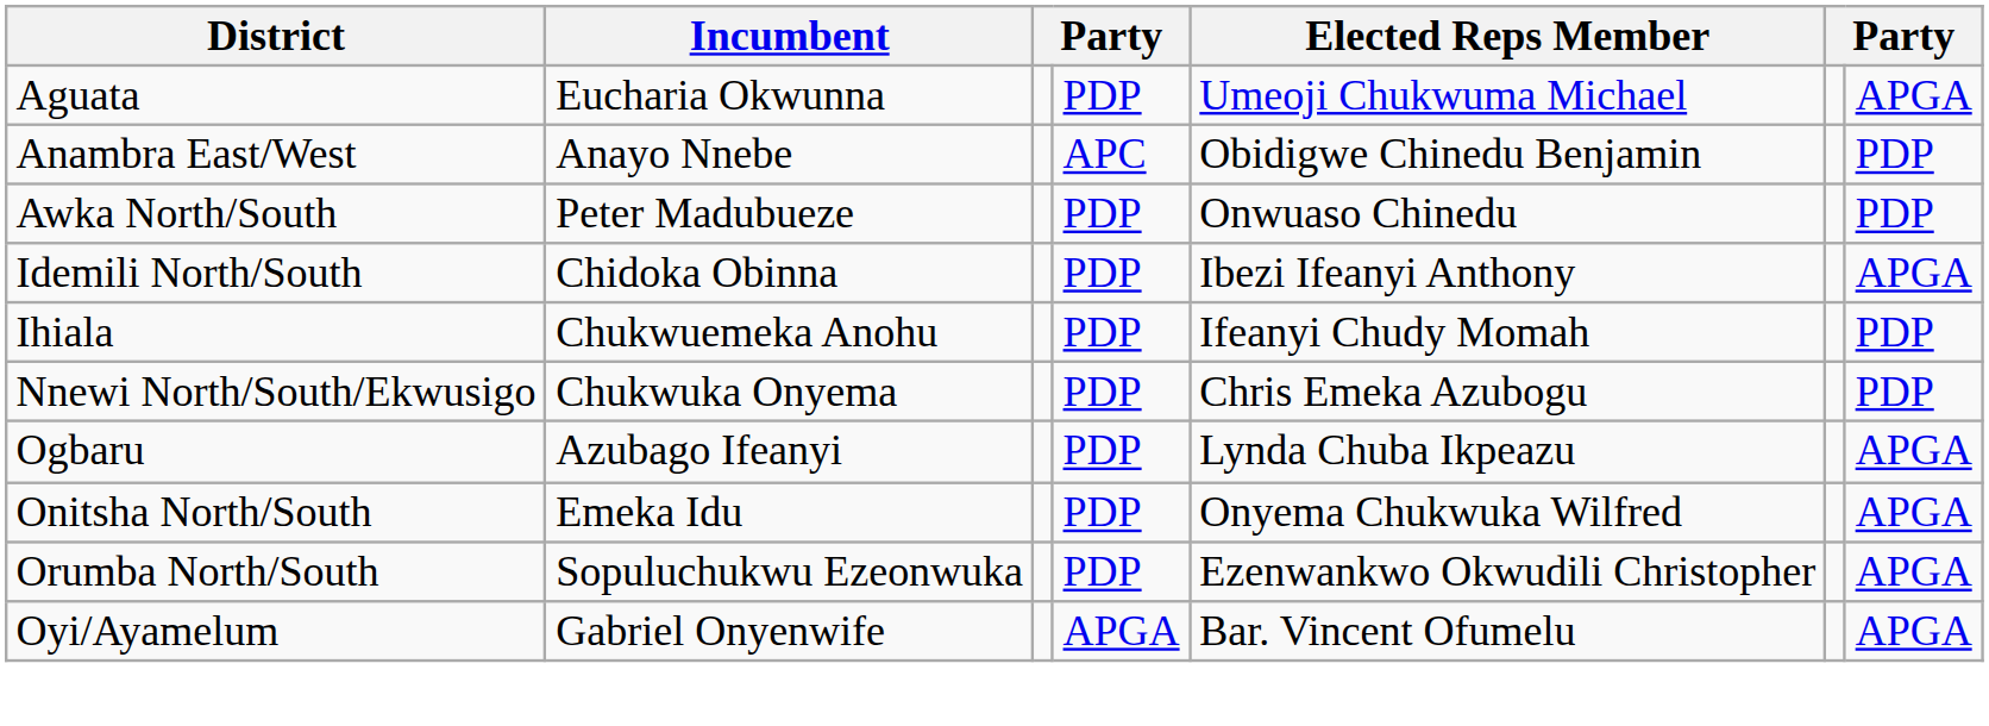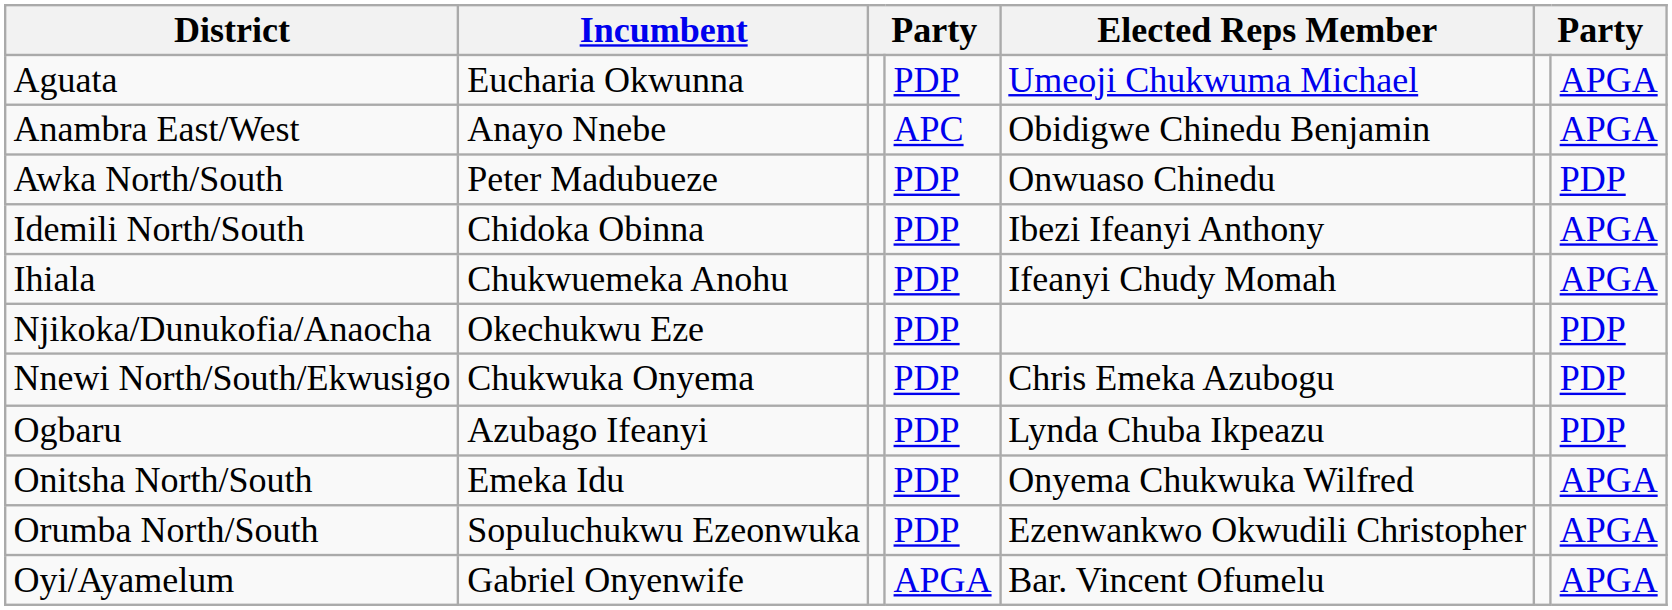 <table class="sortable wikitable" style="font-size:95%;line-height:14px;">
 <tr>
 <th class="unsortable">District</th>
 <th class="unsortable"><a href='#'>Incumbent</a></th>
 <th colspan="2">Party</th>
 <th class="unsortable">Elected Reps Member</th>
 <th colspan="2">Party</th>
 </tr>
 <tr>
 <td>Aguata</td>
 <td>Eucharia Okwunna</td>
 <td style="background-color:"></td>
 <td><a href='#'>PDP</a></td>
 <td><a href='#'>Umeoji Chukwuma Michael</a></td>
 <td style="background-color:"></td>
 <td><a href='#'>APGA</a></td>
 </tr>
 <tr>
 <td>Anambra East/West</td>
 <td>Anayo Nnebe</td>
 <td style="background-color:"></td>
 <td><a href='#'>APC</a></td>
 <td>Obidigwe Chinedu Benjamin</td>
 <td style="background-color:"></td>
-<td><a href='#'>PDP</a></td>
+<td><a href='#'>APGA</a></td>
 </tr>
 <tr>
 <td>Awka North/South</td>
 <td>Peter Madubueze</td>
 <td style="background-color:"></td>
 <td><a href='#'>PDP</a></td>
 <td>Onwuaso Chinedu</td>
 <td style="background-color:"></td>
 <td><a href='#'>PDP</a></td>
 </tr>
 <tr>
 <td>Idemili North/South</td>
 <td>Chidoka Obinna</td>
 <td style="background-color:"></td>
 <td><a href='#'>PDP</a></td>
 <td>Ibezi Ifeanyi Anthony</td>
 <td style="background-color:"></td>
 <td><a href='#'>APGA</a></td>
 </tr>
 <tr>
 <td>Ihiala</td>
 <td>Chukwuemeka Anohu</td>
 <td style="background-color:"></td>
 <td><a href='#'>PDP</a></td>
 <td>Ifeanyi Chudy Momah</td>
 <td style="background-color:"></td>
+<td><a href='#'>APGA</a></td>
+</tr>
+<tr>
+<td>Njikoka/Dunukofia/Anaocha</td>
+<td>Okechukwu Eze</td>
+<td style="background-color:"></td>
+<td><a href='#'>PDP</a></td>
+<td></td>
+<td style="background-color:"></td>
 <td><a href='#'>PDP</a></td>
 </tr>
 <tr>
 <td>Nnewi North/South/Ekwusigo</td>
 <td>Chukwuka Onyema</td>
 <td style="background-color:"></td>
 <td><a href='#'>PDP</a></td>
 <td>Chris Emeka Azubogu</td>
 <td style="background-color:"></td>
 <td><a href='#'>PDP</a></td>
 </tr>
 <tr>
 <td>Ogbaru</td>
 <td>Azubago Ifeanyi</td>
 <td style="background-color:"></td>
 <td><a href='#'>PDP</a></td>
 <td>Lynda Chuba Ikpeazu</td>
 <td style="background-color:"></td>
-<td><a href='#'>APGA</a></td>
+<td><a href='#'>PDP</a></td>
 </tr>
 <tr>
 <td>Onitsha North/South</td>
 <td>Emeka Idu</td>
 <td style="background-color:"></td>
 <td><a href='#'>PDP</a></td>
 <td>Onyema Chukwuka Wilfred</td>
 <td style="background-color:"></td>
 <td><a href='#'>APGA</a></td>
 </tr>
 <tr>
 <td>Orumba North/South</td>
 <td>Sopuluchukwu Ezeonwuka</td>
 <td style="background-color:"></td>
 <td><a href='#'>PDP</a></td>
 <td>Ezenwankwo Okwudili Christopher</td>
 <td style="background-color:"></td>
 <td><a href='#'>APGA</a></td>
 </tr>
 <tr>
 <td>Oyi/Ayamelum</td>
 <td>Gabriel Onyenwife</td>
 <td style="background-color:"></td>
 <td><a href='#'>APGA</a></td>
 <td>Bar. Vincent Ofumelu</td>
 <td style="background-color:"></td>
 <td><a href='#'>APGA</a></td>
 </tr>
 </table>
